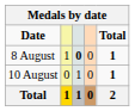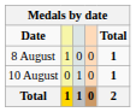 <table class="wikitable" style="font-size:85%">
 <tr bgcolor="#efefef">
 <th colspan=6>Medals by date</th>
 </tr>
 <tr align=center>
 <td><strong>Date</strong></td>
 <td bgcolor=#f7f6a8></td>
 <td bgcolor=#dce5e5></td>
 <td bgcolor=#ffdab9></td>
 <td><strong>Total</strong></td>
 </tr>
 <tr align=center>
 <td>8 August</td>
 <td style="background:#F7F6A8;">1</td>
-<td style="background:#DCE5E5;"><strong>0</strong></td>
+<td style="background:#DCE5E5;">0</td>
 <td style="background:#FFDAB9;">0</td>
 <td><strong>1</strong></td>
 </tr>
 <tr align=center>
 <td>10 August</td>
 <td style="background:#F7F6A8;">0</td>
 <td style="background:#DCE5E5;">1</td>
 <td style="background:#FFDAB9;">0</td>
 <td><strong>1</strong></td>
 </tr>
 <tr align=center>
 <th><strong>Total</strong></th>
 <th style="background:gold;"><strong>1</strong></th>
 <th style="background:silver;"><strong>1</strong></th>
 <th style="background:#c96;"><strong>0</strong></th>
 <th>2</th>
 </tr>
 </table>
